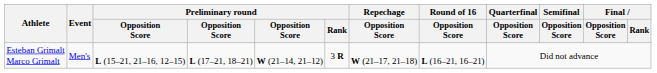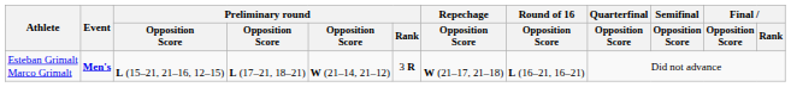 <table class=wikitable style=font-size:90%;text-align:center>
 <tr>
 <th rowspan=2>Athlete</th>
 <th rowspan=2>Event</th>
 <th colspan=4>Preliminary round</th>
 <th>Repechage</th>
 <th>Round of 16</th>
 <th>Quarterfinal</th>
 <th>Semifinal</th>
 <th colspan=2>Final / </th>
 </tr>
 <tr style=font-size:95%>
 <th>Opposition<br>Score</th>
 <th>Opposition<br>Score</th>
 <th>Opposition<br>Score</th>
 <th>Rank</th>
 <th>Opposition<br>Score</th>
 <th>Opposition<br>Score</th>
 <th>Opposition<br>Score</th>
 <th>Opposition<br>Score</th>
 <th>Opposition<br>Score</th>
 <th>Rank</th>
 </tr>
 <tr>
 <td align=left><a href='#'>Esteban Grimalt</a><br><a href='#'>Marco Grimalt</a></td>
-<td align=left><a href='#'>Men's</a></td>
+<td align=left><strong><a href='#'>Men's</a></strong></td>
 <td><br><strong>L</strong> (15–21, 21–16, 12–15)</td>
 <td><br><strong>L</strong> (17–21, 18–21)</td>
 <td><br><strong>W</strong> (21–14, 21–12)</td>
 <td>3 <strong>R</strong></td>
 <td><br><strong>W</strong> (21–17, 21–18)</td>
 <td><br><strong>L</strong> (16–21, 16–21)</td>
 <td colspan="4">Did not advance</td>
 </tr>
 </table>
